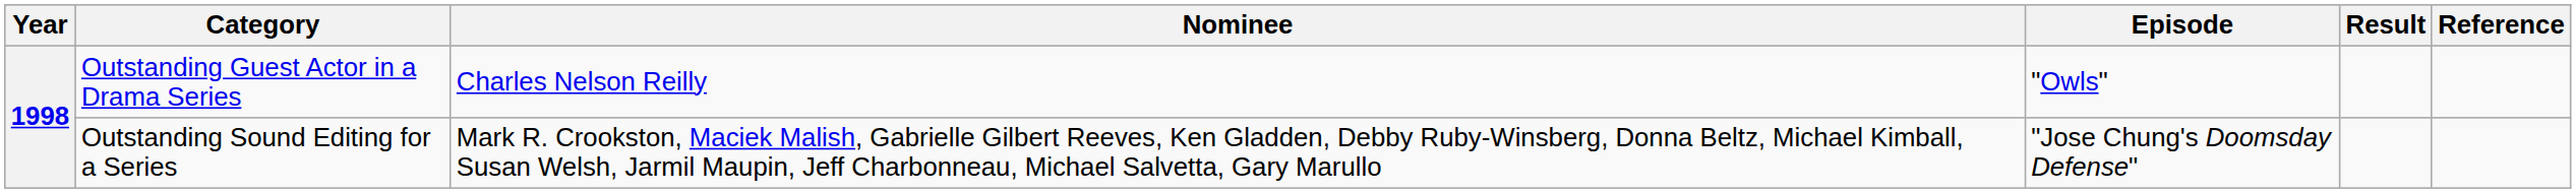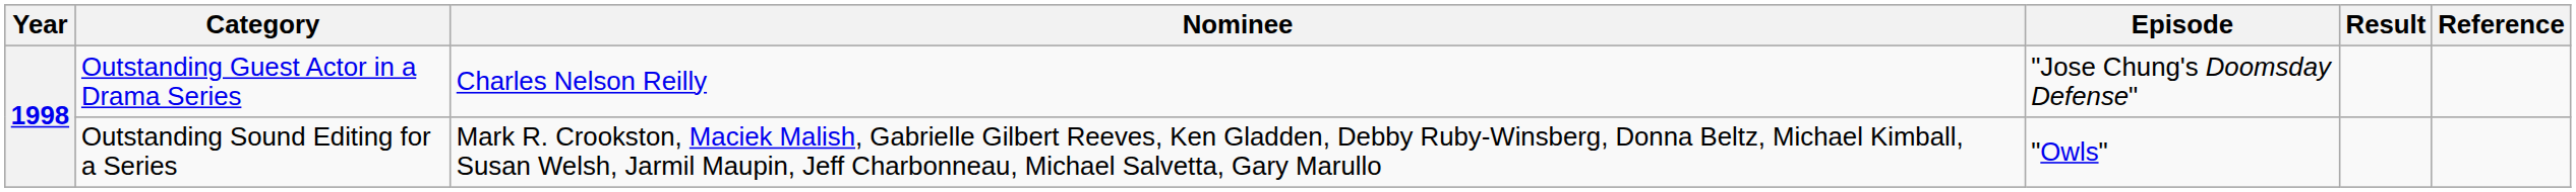 <table class="wikitable">
 <tr>
 <th scope="col">Year</th>
 <th scope="col">Category</th>
 <th scope="col">Nominee</th>
 <th scope="col">Episode</th>
 <th scope="col">Result</th>
 <th scope="col">Reference</th>
 </tr>
 <tr>
 <th scope="row" rowspan="2"><a href='#'>1998</a></th>
 <td><a href='#'>Outstanding Guest Actor in a Drama Series</a></td>
 <td><a href='#'>Charles Nelson Reilly</a></td>
-<td>"<a href='#'>Owls</a>"</td>
+<td>"Jose Chung's <em>Doomsday Defense</em>"</td>
 <td></td>
 <td style="text-align: center"></td>
 </tr>
 <tr>
 <td>Outstanding Sound Editing for a Series</td>
 <td>Mark R. Crookston, <a href='#'>Maciek Malish</a>, Gabrielle Gilbert Reeves, Ken Gladden, Debby Ruby-Winsberg, Donna Beltz, Michael Kimball, Susan Welsh, Jarmil Maupin, Jeff Charbonneau, Michael Salvetta, Gary Marullo</td>
-<td>"Jose Chung's <em>Doomsday Defense</em>"</td>
+<td>"<a href='#'>Owls</a>"</td>
 <td></td>
 <td style="text-align: center"></td>
 </tr>
 </table>
